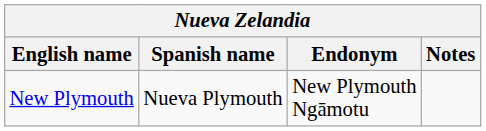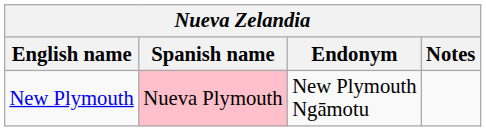 <table class="wikitable sortable">
 <tr>
 <th colspan="4"> <em>Nueva Zelandia</em></th>
 </tr>
 <tr>
 <th>English name</th>
 <th>Spanish name</th>
 <th>Endonym</th>
 <th>Notes</th>
 </tr>
 <tr>
 <td><a href='#'>New Plymouth</a></td>
-<td>Nueva Plymouth</td>
+<td style="background: pink;">Nueva Plymouth</td>
 <td>New Plymouth<br>Ngāmotu</td>
 <td></td>
 </tr>
 </table>
